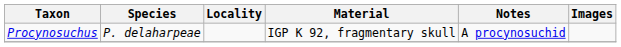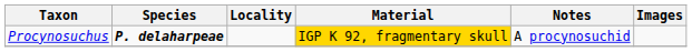 <table class="wikitable sortable">
 <tr>
 <th>Taxon</th>
 <th>Species</th>
 <th>Locality</th>
 <th class="unsortable">Material</th>
 <th class="unsortable">Notes</th>
 <th class="unsortable">Images</th>
 </tr>
 <tr>
 <td><em><a href='#'>Procynosuchus</a></em></td>
-<td><em>P. delaharpeae</em></td>
+<td><strong><em>P. delaharpeae</em></strong></td>
 <td></td>
-<td>IGP K 92, fragmentary skull</td>
+<td style="background: gold;">IGP K 92, fragmentary skull</td>
 <td>A <a href='#'>procynosuchid</a></td>
 <td></td>
 </tr>
 <tr>
 </tr>
 </table>
